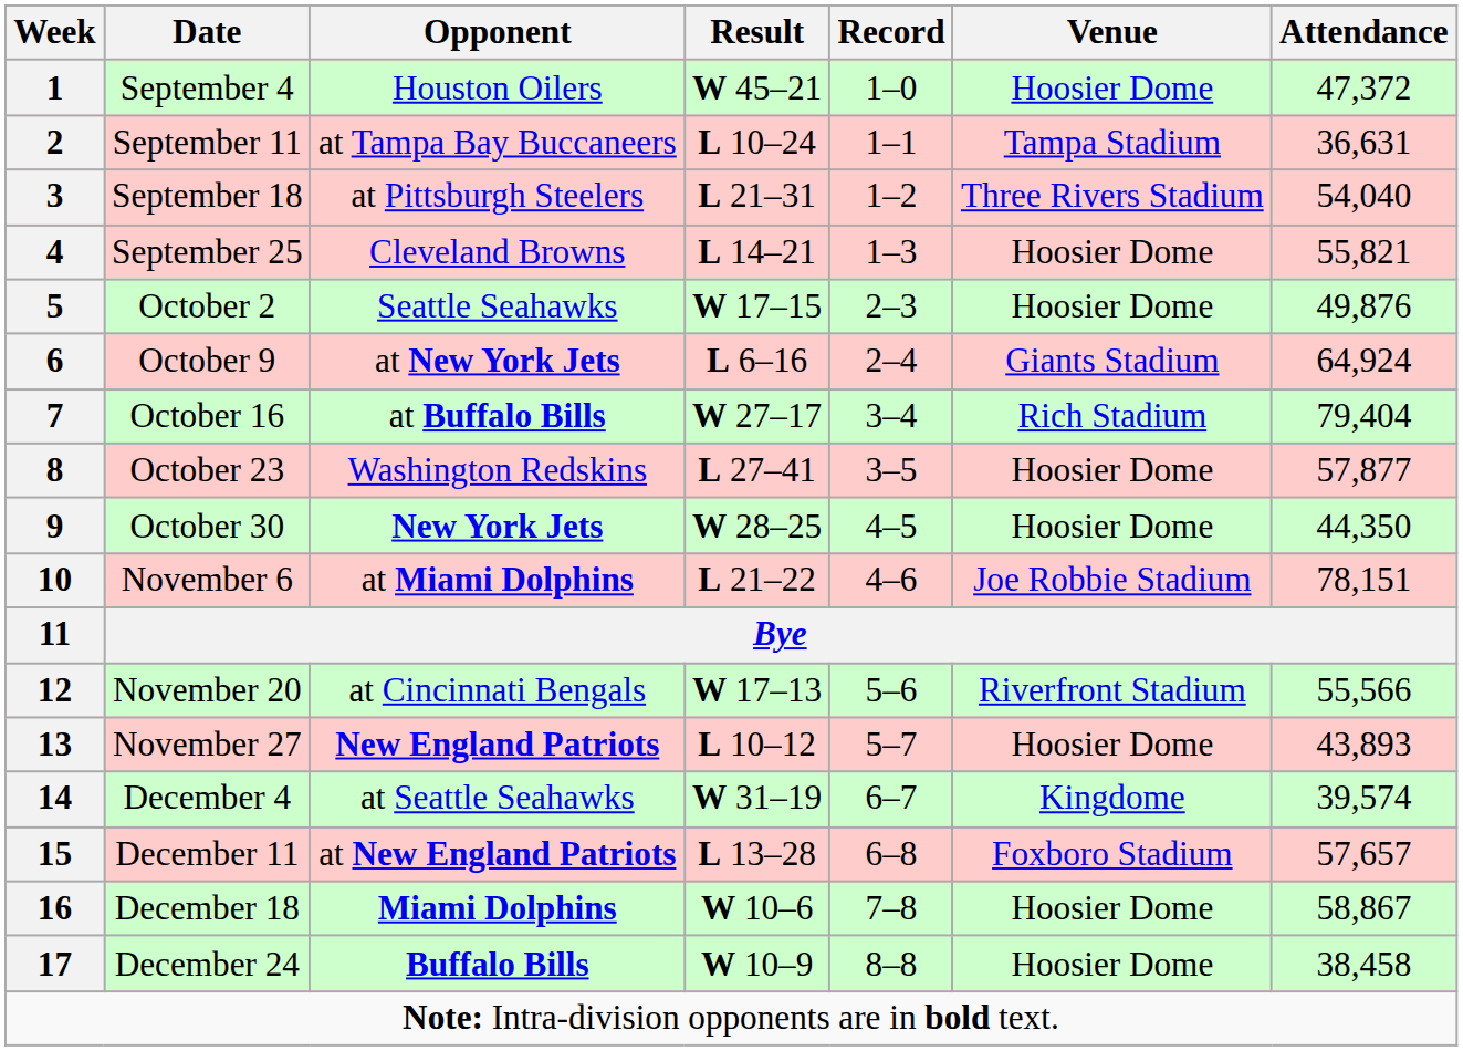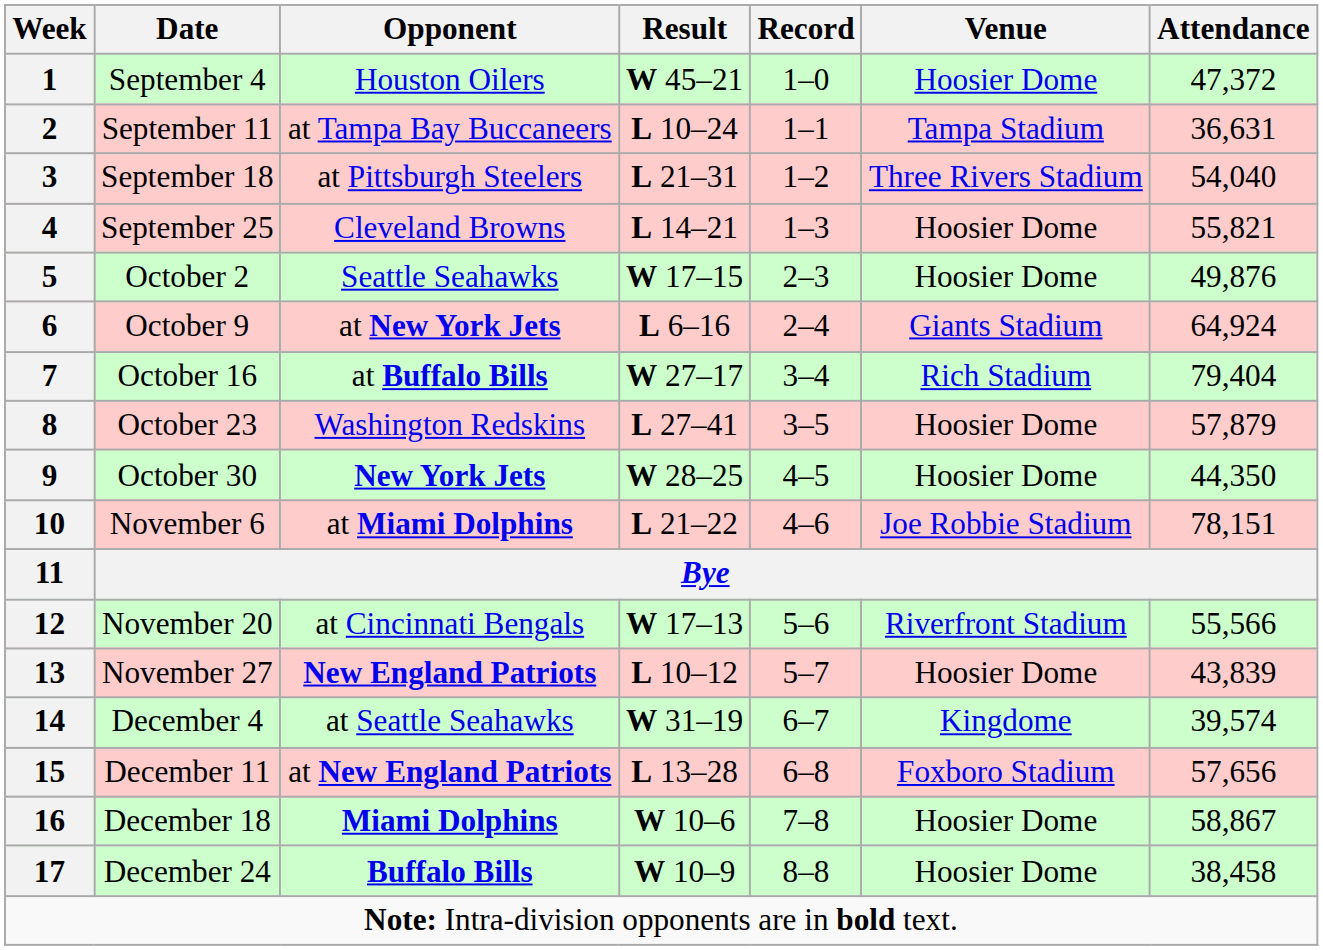 <table class="wikitable" style="text-align:center">
 <tr>
 <th>Week</th>
 <th>Date</th>
 <th>Opponent</th>
 <th>Result</th>
 <th>Record</th>
 <th>Venue</th>
 <th>Attendance</th>
 </tr>
 <tr style="background:#cfc">
 <th>1</th>
 <td>September 4</td>
 <td><a href='#'>Houston Oilers</a></td>
 <td><strong>W</strong> 45–21</td>
 <td>1–0</td>
 <td><a href='#'>Hoosier Dome</a></td>
 <td>47,372</td>
 </tr>
 <tr style="background:#fcc">
 <th>2</th>
 <td>September 11</td>
 <td>at <a href='#'>Tampa Bay Buccaneers</a></td>
 <td><strong>L</strong> 10–24</td>
 <td>1–1</td>
 <td><a href='#'>Tampa Stadium</a></td>
 <td>36,631</td>
 </tr>
 <tr style="background:#fcc">
 <th>3</th>
 <td>September 18</td>
 <td>at <a href='#'>Pittsburgh Steelers</a></td>
 <td><strong>L</strong> 21–31</td>
 <td>1–2</td>
 <td><a href='#'>Three Rivers Stadium</a></td>
 <td>54,040</td>
 </tr>
 <tr style="background:#fcc">
 <th>4</th>
 <td>September 25</td>
 <td><a href='#'>Cleveland Browns</a></td>
 <td><strong>L</strong> 14–21</td>
 <td>1–3</td>
 <td>Hoosier Dome</td>
 <td>55,821</td>
 </tr>
 <tr style="background:#cfc">
 <th>5</th>
 <td>October 2</td>
 <td><a href='#'>Seattle Seahawks</a></td>
 <td><strong>W</strong> 17–15</td>
 <td>2–3</td>
 <td>Hoosier Dome</td>
 <td>49,876</td>
 </tr>
 <tr style="background:#fcc">
 <th>6</th>
 <td>October 9</td>
 <td>at <strong><a href='#'>New York Jets</a></strong></td>
 <td><strong>L</strong> 6–16</td>
 <td>2–4</td>
 <td><a href='#'>Giants Stadium</a></td>
 <td>64,924</td>
 </tr>
 <tr style="background:#cfc">
 <th>7</th>
 <td>October 16</td>
 <td>at <strong><a href='#'>Buffalo Bills</a></strong></td>
 <td><strong>W</strong> 27–17</td>
 <td>3–4</td>
 <td><a href='#'>Rich Stadium</a></td>
 <td>79,404</td>
 </tr>
 <tr style="background:#fcc">
 <th>8</th>
 <td>October 23</td>
 <td><a href='#'>Washington Redskins</a></td>
 <td><strong>L</strong> 27–41</td>
 <td>3–5</td>
 <td>Hoosier Dome</td>
-<td>57,877</td>
+<td>57,879</td>
 </tr>
 <tr style="background:#cfc">
 <th>9</th>
 <td>October 30</td>
 <td><strong><a href='#'>New York Jets</a></strong></td>
 <td><strong>W</strong> 28–25</td>
 <td>4–5</td>
 <td>Hoosier Dome</td>
 <td>44,350</td>
 </tr>
 <tr style="background:#fcc">
 <th>10</th>
 <td>November 6</td>
 <td>at <strong><a href='#'>Miami Dolphins</a></strong></td>
 <td><strong>L</strong> 21–22</td>
 <td>4–6</td>
 <td><a href='#'>Joe Robbie Stadium</a></td>
 <td>78,151</td>
 </tr>
 <tr>
 <th>11</th>
 <th colspan="7" align="center"><em><a href='#'>Bye</a></em></th>
 </tr>
 <tr style="background:#cfc">
 <th>12</th>
 <td>November 20</td>
 <td>at <a href='#'>Cincinnati Bengals</a></td>
 <td><strong>W</strong> 17–13</td>
 <td>5–6</td>
 <td><a href='#'>Riverfront Stadium</a></td>
 <td>55,566</td>
 </tr>
 <tr style="background:#fcc">
 <th>13</th>
 <td>November 27</td>
 <td><strong><a href='#'>New England Patriots</a></strong></td>
 <td><strong>L</strong> 10–12</td>
 <td>5–7</td>
 <td>Hoosier Dome</td>
-<td>43,893</td>
+<td>43,839</td>
 </tr>
 <tr style="background:#cfc">
 <th>14</th>
 <td>December 4</td>
 <td>at <a href='#'>Seattle Seahawks</a></td>
 <td><strong>W</strong> 31–19</td>
 <td>6–7</td>
 <td><a href='#'>Kingdome</a></td>
 <td>39,574</td>
 </tr>
 <tr style="background:#fcc">
 <th>15</th>
 <td>December 11</td>
 <td>at <strong><a href='#'>New England Patriots</a></strong></td>
 <td><strong>L</strong> 13–28</td>
 <td>6–8</td>
 <td><a href='#'>Foxboro Stadium</a></td>
-<td>57,657</td>
+<td>57,656</td>
 </tr>
 <tr style="background:#cfc">
 <th>16</th>
 <td>December 18</td>
 <td><strong><a href='#'>Miami Dolphins</a></strong></td>
 <td><strong>W</strong> 10–6</td>
 <td>7–8</td>
 <td>Hoosier Dome</td>
 <td>58,867</td>
 </tr>
 <tr style="background:#cfc">
 <th>17</th>
 <td>December 24</td>
 <td><strong><a href='#'>Buffalo Bills</a></strong></td>
 <td><strong>W</strong> 10–9</td>
 <td>8–8</td>
 <td>Hoosier Dome</td>
 <td>38,458</td>
 </tr>
 <tr>
 <td colspan="8"><strong>Note:</strong> Intra-division opponents are in <strong>bold</strong> text.</td>
 </tr>
 </table>
